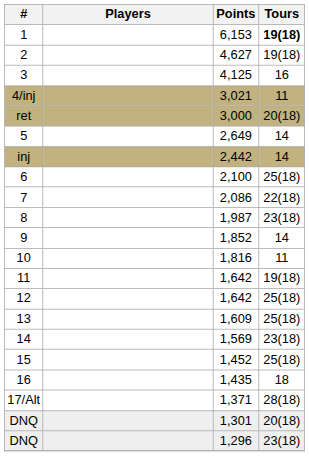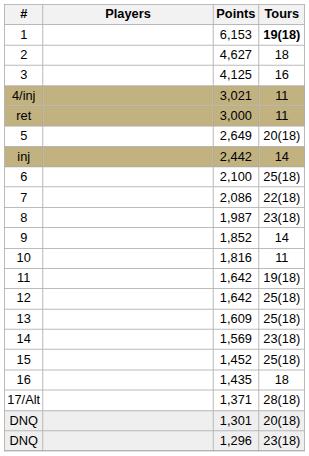 <table class="sortable wikitable" style="font-size:100%; text:justify; text-align:center;">
 <tr>
 <th width=20>#</th>
 <th width=205>Players</th>
 <th width=50>Points</th>
 <th width=50>Tours</th>
 </tr>
 <tr align=center bgcolor=white>
 <td>1</td>
 <td align=left></td>
 <td>6,153</td>
 <td><strong>19(18)</strong></td>
 </tr>
 <tr align=center bgcolor=white>
 <td>2</td>
 <td align=left></td>
 <td>4,627</td>
-<td>19(18)</td>
+<td>18</td>
 </tr>
 <tr align=center bgcolor=white>
 <td>3</td>
 <td align=left></td>
 <td>4,125</td>
 <td>16</td>
 </tr>
 <tr align=center bgcolor=#C2B280>
 <td>4/inj</td>
 <td align=left></td>
 <td>3,021</td>
 <td>11</td>
 </tr>
 <tr align=center bgcolor=#C2B280>
 <td>ret</td>
 <td align=left></td>
 <td>3,000</td>
-<td>20(18)</td>
+<td>11</td>
 </tr>
 <tr align=center bgcolor=white>
 <td>5</td>
 <td align=left></td>
 <td>2,649</td>
-<td>14</td>
+<td>20(18)</td>
 </tr>
 <tr align=center bgcolor=#C2B280>
 <td>inj</td>
 <td align=left></td>
 <td>2,442</td>
 <td>14</td>
 </tr>
 <tr align=center bgcolor=white>
 <td>6</td>
 <td align=left></td>
 <td>2,100</td>
 <td>25(18)</td>
 </tr>
 <tr align=center bgcolor=white>
 <td>7</td>
 <td align=left></td>
 <td>2,086</td>
 <td>22(18)</td>
 </tr>
 <tr align=center bgcolor=white>
 <td>8</td>
 <td align=left></td>
 <td>1,987</td>
 <td>23(18)</td>
 </tr>
 <tr align=center bgcolor=white>
 <td>9</td>
 <td align=left></td>
 <td>1,852</td>
 <td>14</td>
 </tr>
 <tr align=center bgcolor=white>
 <td>10</td>
 <td align=left></td>
 <td>1,816</td>
 <td>11</td>
 </tr>
 <tr align=center bgcolor=white>
 <td>11</td>
 <td align=left></td>
 <td>1,642</td>
 <td>19(18)</td>
 </tr>
 <tr align=center bgcolor=white>
 <td>12</td>
 <td align=left></td>
 <td>1,642</td>
 <td>25(18)</td>
 </tr>
 <tr align=center bgcolor=white>
 <td>13</td>
 <td align=left></td>
 <td>1,609</td>
 <td>25(18)</td>
 </tr>
 <tr align=center bgcolor=white>
 <td>14</td>
 <td align=left></td>
 <td>1,569</td>
 <td>23(18)</td>
 </tr>
 <tr align=center bgcolor=white>
 <td>15</td>
 <td align=left></td>
 <td>1,452</td>
 <td>25(18)</td>
 </tr>
 <tr align=center bgcolor=white>
 <td>16</td>
 <td align=left></td>
 <td>1,435</td>
 <td>18</td>
 </tr>
 <tr align=center bgcolor=white>
 <td>17/Alt</td>
 <td align=left></td>
 <td>1,371</td>
 <td>28(18)</td>
 </tr>
 <tr align=center bgcolor=#efefef>
 <td>DNQ</td>
 <td align=left></td>
 <td>1,301</td>
 <td>20(18)</td>
 </tr>
 <tr align=center bgcolor=#efefef>
 <td>DNQ</td>
 <td align=left></td>
 <td>1,296</td>
 <td>23(18)</td>
 </tr>
 <tr>
 </tr>
 </table>
